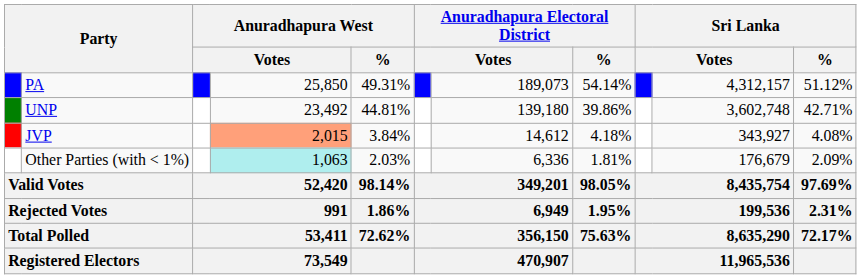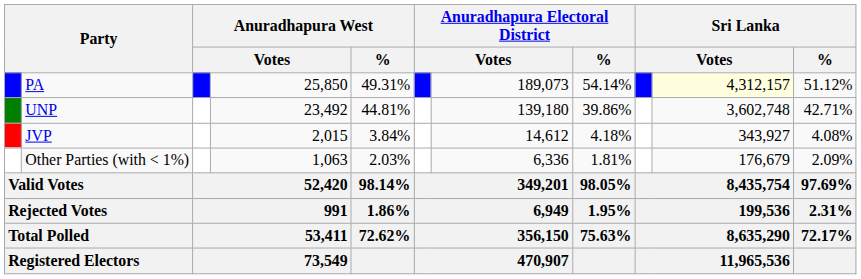 <table class="wikitable">
 <tr>
 <th colspan="2" width="144px"rowspan="2">Party</th>
 <th colspan="3" width="216px">Anuradhapura West</th>
 <th colspan="3" width="216px"><a href='#'>Anuradhapura Electoral District</a></th>
 <th colspan="3" width="216px">Sri Lanka</th>
 </tr>
 <tr>
 <th colspan="2" width="144px">Votes</th>
 <th>%</th>
 <th colspan="2" width="144px">Votes</th>
 <th>%</th>
 <th colspan="2" width="144px">Votes</th>
 <th>%</th>
 </tr>
 <tr>
 <td style="background-color:blue;" width="10px"></td>
 <td style="text-align:left;"><a href='#'>PA</a></td>
 <td style="background-color:blue;" width="10px"></td>
 <td style="text-align:right;">25,850</td>
 <td style="text-align:right;">49.31%</td>
 <td style="background-color:blue;" width="10px"></td>
 <td style="text-align:right;">189,073</td>
 <td style="text-align:right;">54.14%</td>
 <td style="background-color:blue;" width="10px"></td>
-<td style="text-align:right;">4,312,157</td>
+<td style="background: lightyellow; text-align:right;">4,312,157</td>
 <td style="text-align:right;">51.12%</td>
 </tr>
 <tr>
 <td style="background-color:green;" width="10px"></td>
 <td style="text-align:left;"><a href='#'>UNP</a></td>
 <td style="background-color:white;" width="10px"></td>
 <td style="text-align:right;">23,492</td>
 <td style="text-align:right;">44.81%</td>
 <td style="background-color:white;" width="10px"></td>
 <td style="text-align:right;">139,180</td>
 <td style="text-align:right;">39.86%</td>
 <td style="background-color:white;" width="10px"></td>
 <td style="text-align:right;">3,602,748</td>
 <td style="text-align:right;">42.71%</td>
 </tr>
 <tr>
 <td style="background-color:red;" width="10px"></td>
 <td style="text-align:left;"><a href='#'>JVP</a></td>
 <td style="background-color:white;" width="10px"></td>
-<td style="background: lightsalmon; text-align:right;">2,015</td>
+<td style="text-align:right;">2,015</td>
 <td style="text-align:right;">3.84%</td>
 <td style="background-color:white;" width="10px"></td>
 <td style="text-align:right;">14,612</td>
 <td style="text-align:right;">4.18%</td>
 <td style="background-color:white;" width="10px"></td>
 <td style="text-align:right;">343,927</td>
 <td style="text-align:right;">4.08%</td>
 </tr>
 <tr>
 <td style="background-color:white;" width="10px"></td>
 <td style="text-align:left;">Other Parties (with < 1%)</td>
 <td style="background-color:white;" width="10px"></td>
-<td style="background: paleturquoise; text-align:right;">1,063</td>
+<td style="text-align:right;">1,063</td>
 <td style="text-align:right;">2.03%</td>
 <td style="background-color:white;" width="10px"></td>
 <td style="text-align:right;">6,336</td>
 <td style="text-align:right;">1.81%</td>
 <td style="background-color:white;" width="10px"></td>
 <td style="text-align:right;">176,679</td>
 <td style="text-align:right;">2.09%</td>
 </tr>
 <tr>
 <th colspan="2" width="144px"style="text-align:left;">Valid Votes</th>
 <th style="text-align:right;"colspan="2" width="144px">52,420</th>
 <th style="text-align:right;">98.14%</th>
 <th style="text-align:right;"colspan="2" width="144px">349,201</th>
 <th style="text-align:right;">98.05%</th>
 <th style="text-align:right;"colspan="2" width="144px">8,435,754</th>
 <th style="text-align:right;">97.69%</th>
 </tr>
 <tr>
 <th colspan="2" width="144px"style="text-align:left;">Rejected Votes</th>
 <th style="text-align:right;"colspan="2" width="144px">991</th>
 <th style="text-align:right;">1.86%</th>
 <th style="text-align:right;"colspan="2" width="144px">6,949</th>
 <th style="text-align:right;">1.95%</th>
 <th style="text-align:right;"colspan="2" width="144px">199,536</th>
 <th style="text-align:right;">2.31%</th>
 </tr>
 <tr>
 <th colspan="2" width="144px"style="text-align:left;">Total Polled</th>
 <th style="text-align:right;"colspan="2" width="144px">53,411</th>
 <th style="text-align:right;">72.62%</th>
 <th style="text-align:right;"colspan="2" width="144px">356,150</th>
 <th style="text-align:right;">75.63%</th>
 <th style="text-align:right;"colspan="2" width="144px">8,635,290</th>
 <th style="text-align:right;">72.17%</th>
 </tr>
 <tr>
 <th colspan="2" width="144px"style="text-align:left;">Registered Electors</th>
 <th style="text-align:right;"colspan="2" width="144px">73,549</th>
 <th></th>
 <th style="text-align:right;"colspan="2" width="144px">470,907</th>
 <th></th>
 <th style="text-align:right;"colspan="2" width="144px">11,965,536</th>
 <th></th>
 </tr>
 </table>
